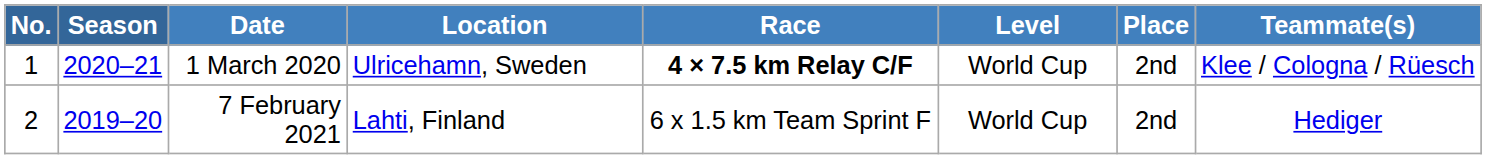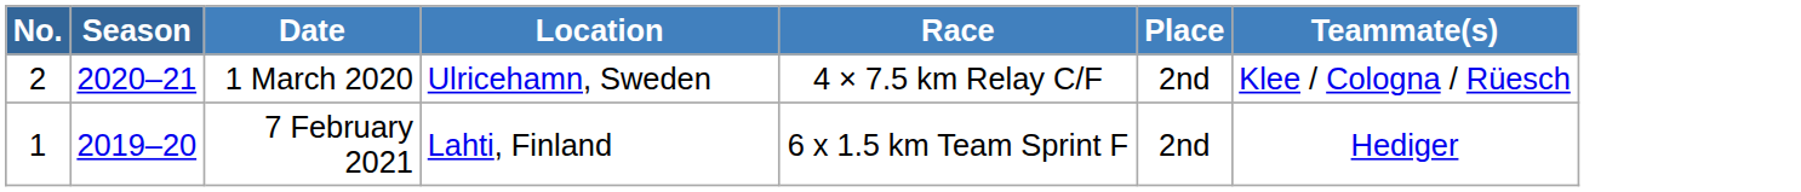 <table class="wikitable sortable" style="font-size:95%; text-align:center; border:grey solid 1px; border-collapse:collapse; background:#ffffff;">
 <tr style="background:#efefef;">
 <th style="background-color:#369; color:white;">No.</th>
 <th style="background-color:#369; color:white;">Season</th>
 <th style="background-color:#4180be; color:white; width:100px;">Date</th>
 <th style="background-color:#4180be; color:white; width:170px;">Location</th>
 <th style="background-color:#4180be; color:white; width:170px;">Race</th>
-<th style="background-color:#4180be; color:white; width:100px;">Level</th>
 <th style="background-color:#4180be; color:white;">Place</th>
 <th style="background-color:#4180be; color:white;">Teammate(s)</th>
 </tr>
 <tr>
-<td align=center>1</td>
+<td align=center>2</td>
 <td rowspan=1 align=center><a href='#'>2020–21</a></td>
 <td align=right>1 March 2020</td>
 <td align=left> <a href='#'>Ulricehamn</a>, Sweden</td>
-<td><strong>4 × 7.5 km Relay C/F</strong></td>
-<td>World Cup</td>
+<td>4 × 7.5 km Relay C/F</td>
 <td>2nd</td>
 <td><a href='#'>Klee</a> / <a href='#'>Cologna</a> / <a href='#'>Rüesch</a></td>
 </tr>
 <tr>
-<td align=center>2</td>
+<td align=center>1</td>
 <td rowspan=1 align=center><a href='#'>2019–20</a></td>
 <td align=right>7 February 2021</td>
 <td align=left> <a href='#'>Lahti</a>, Finland</td>
 <td>6 x 1.5 km Team Sprint F</td>
-<td>World Cup</td>
 <td>2nd</td>
 <td><a href='#'>Hediger</a></td>
 </tr>
 </table>
